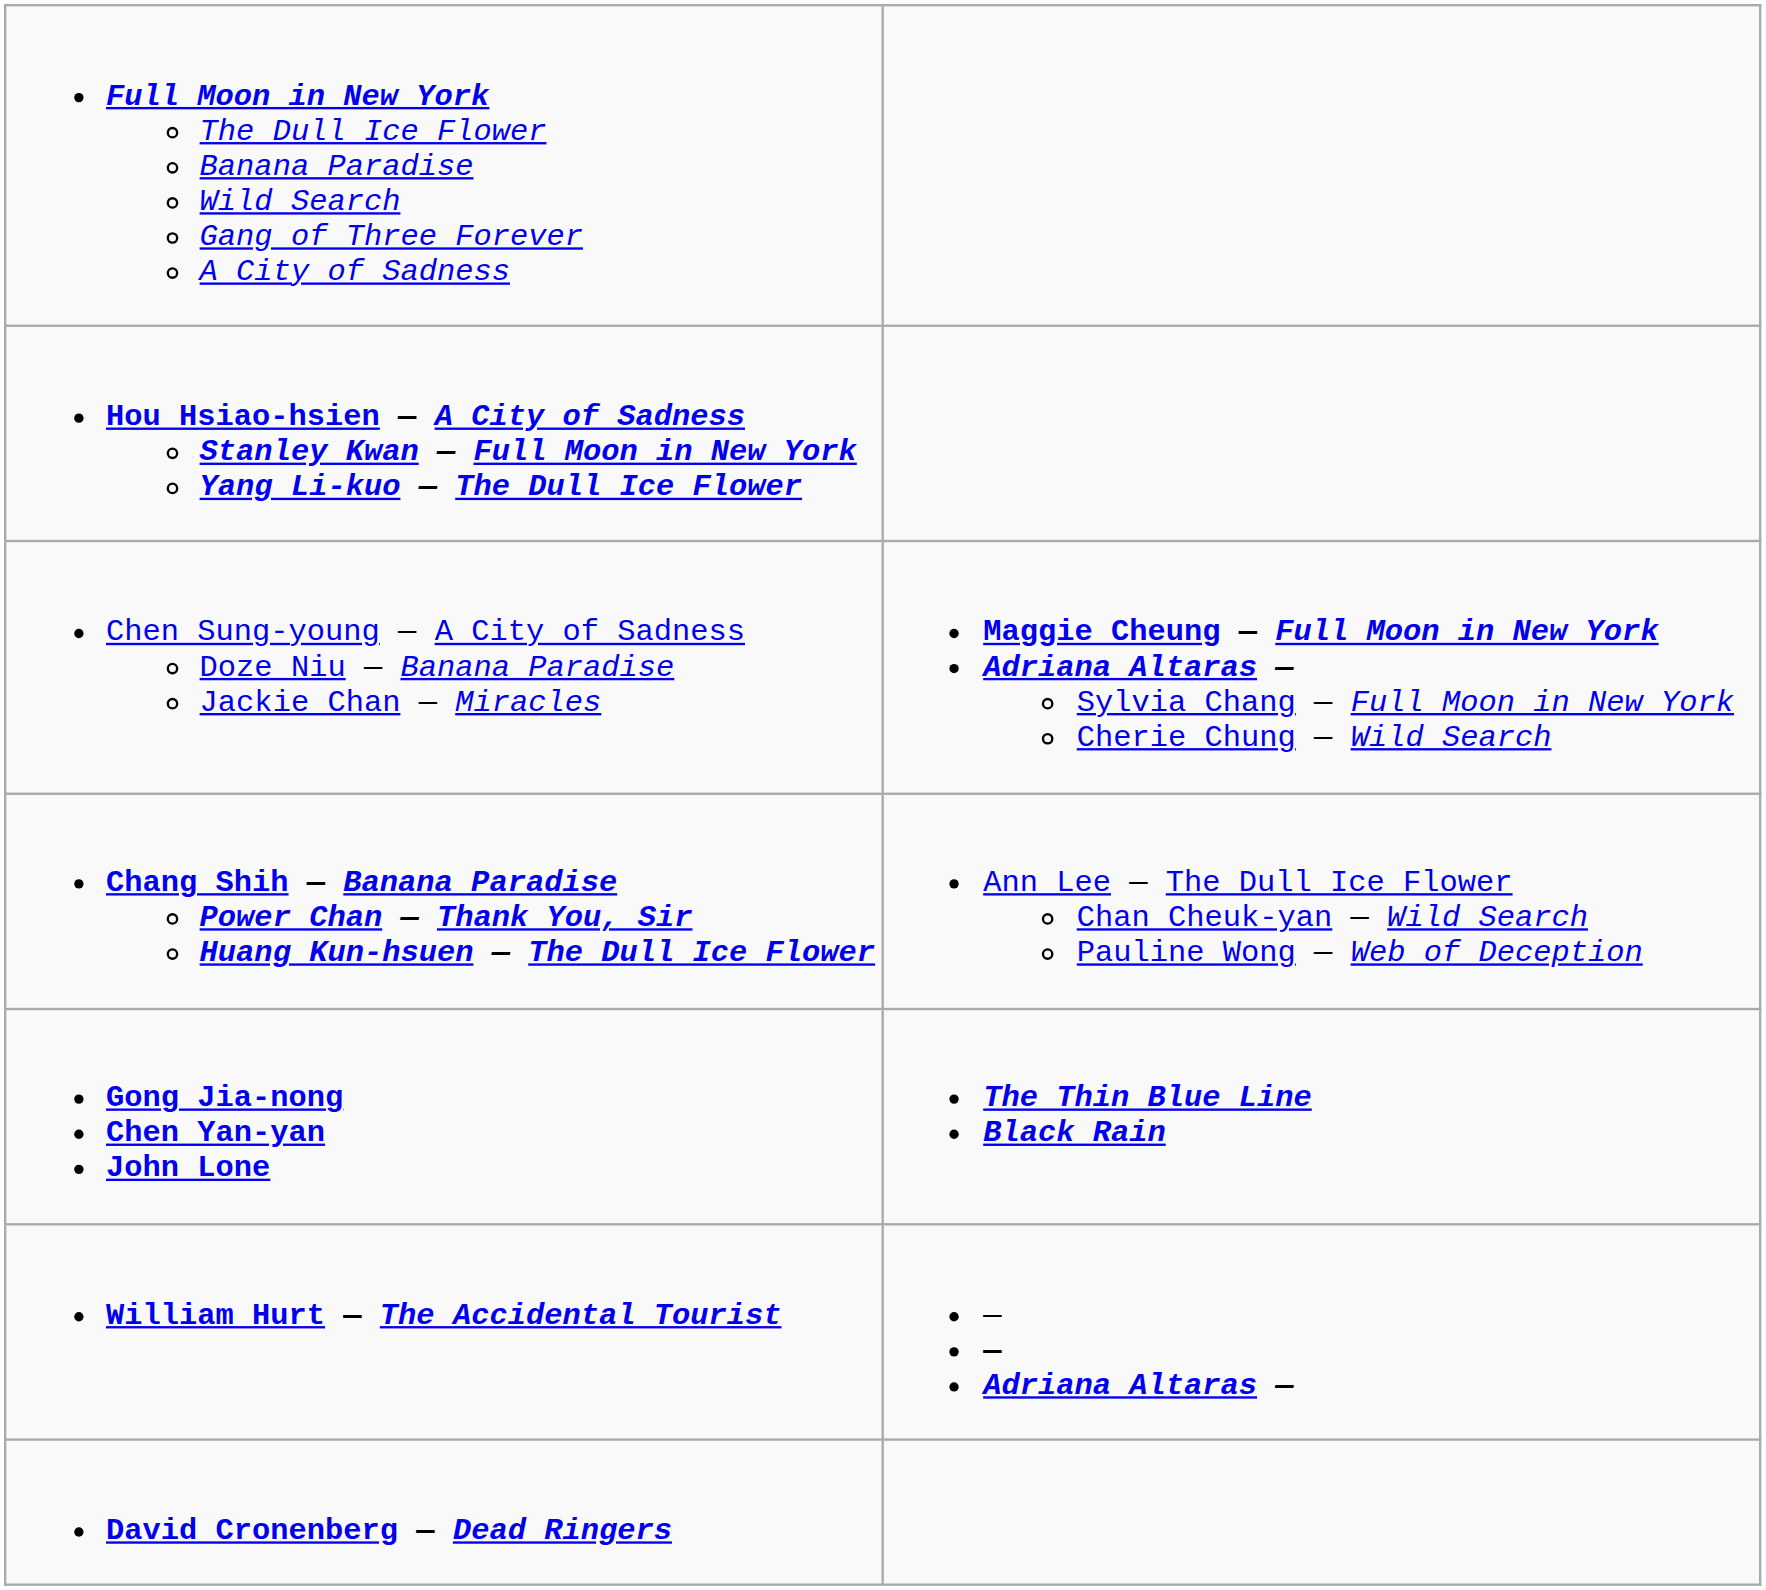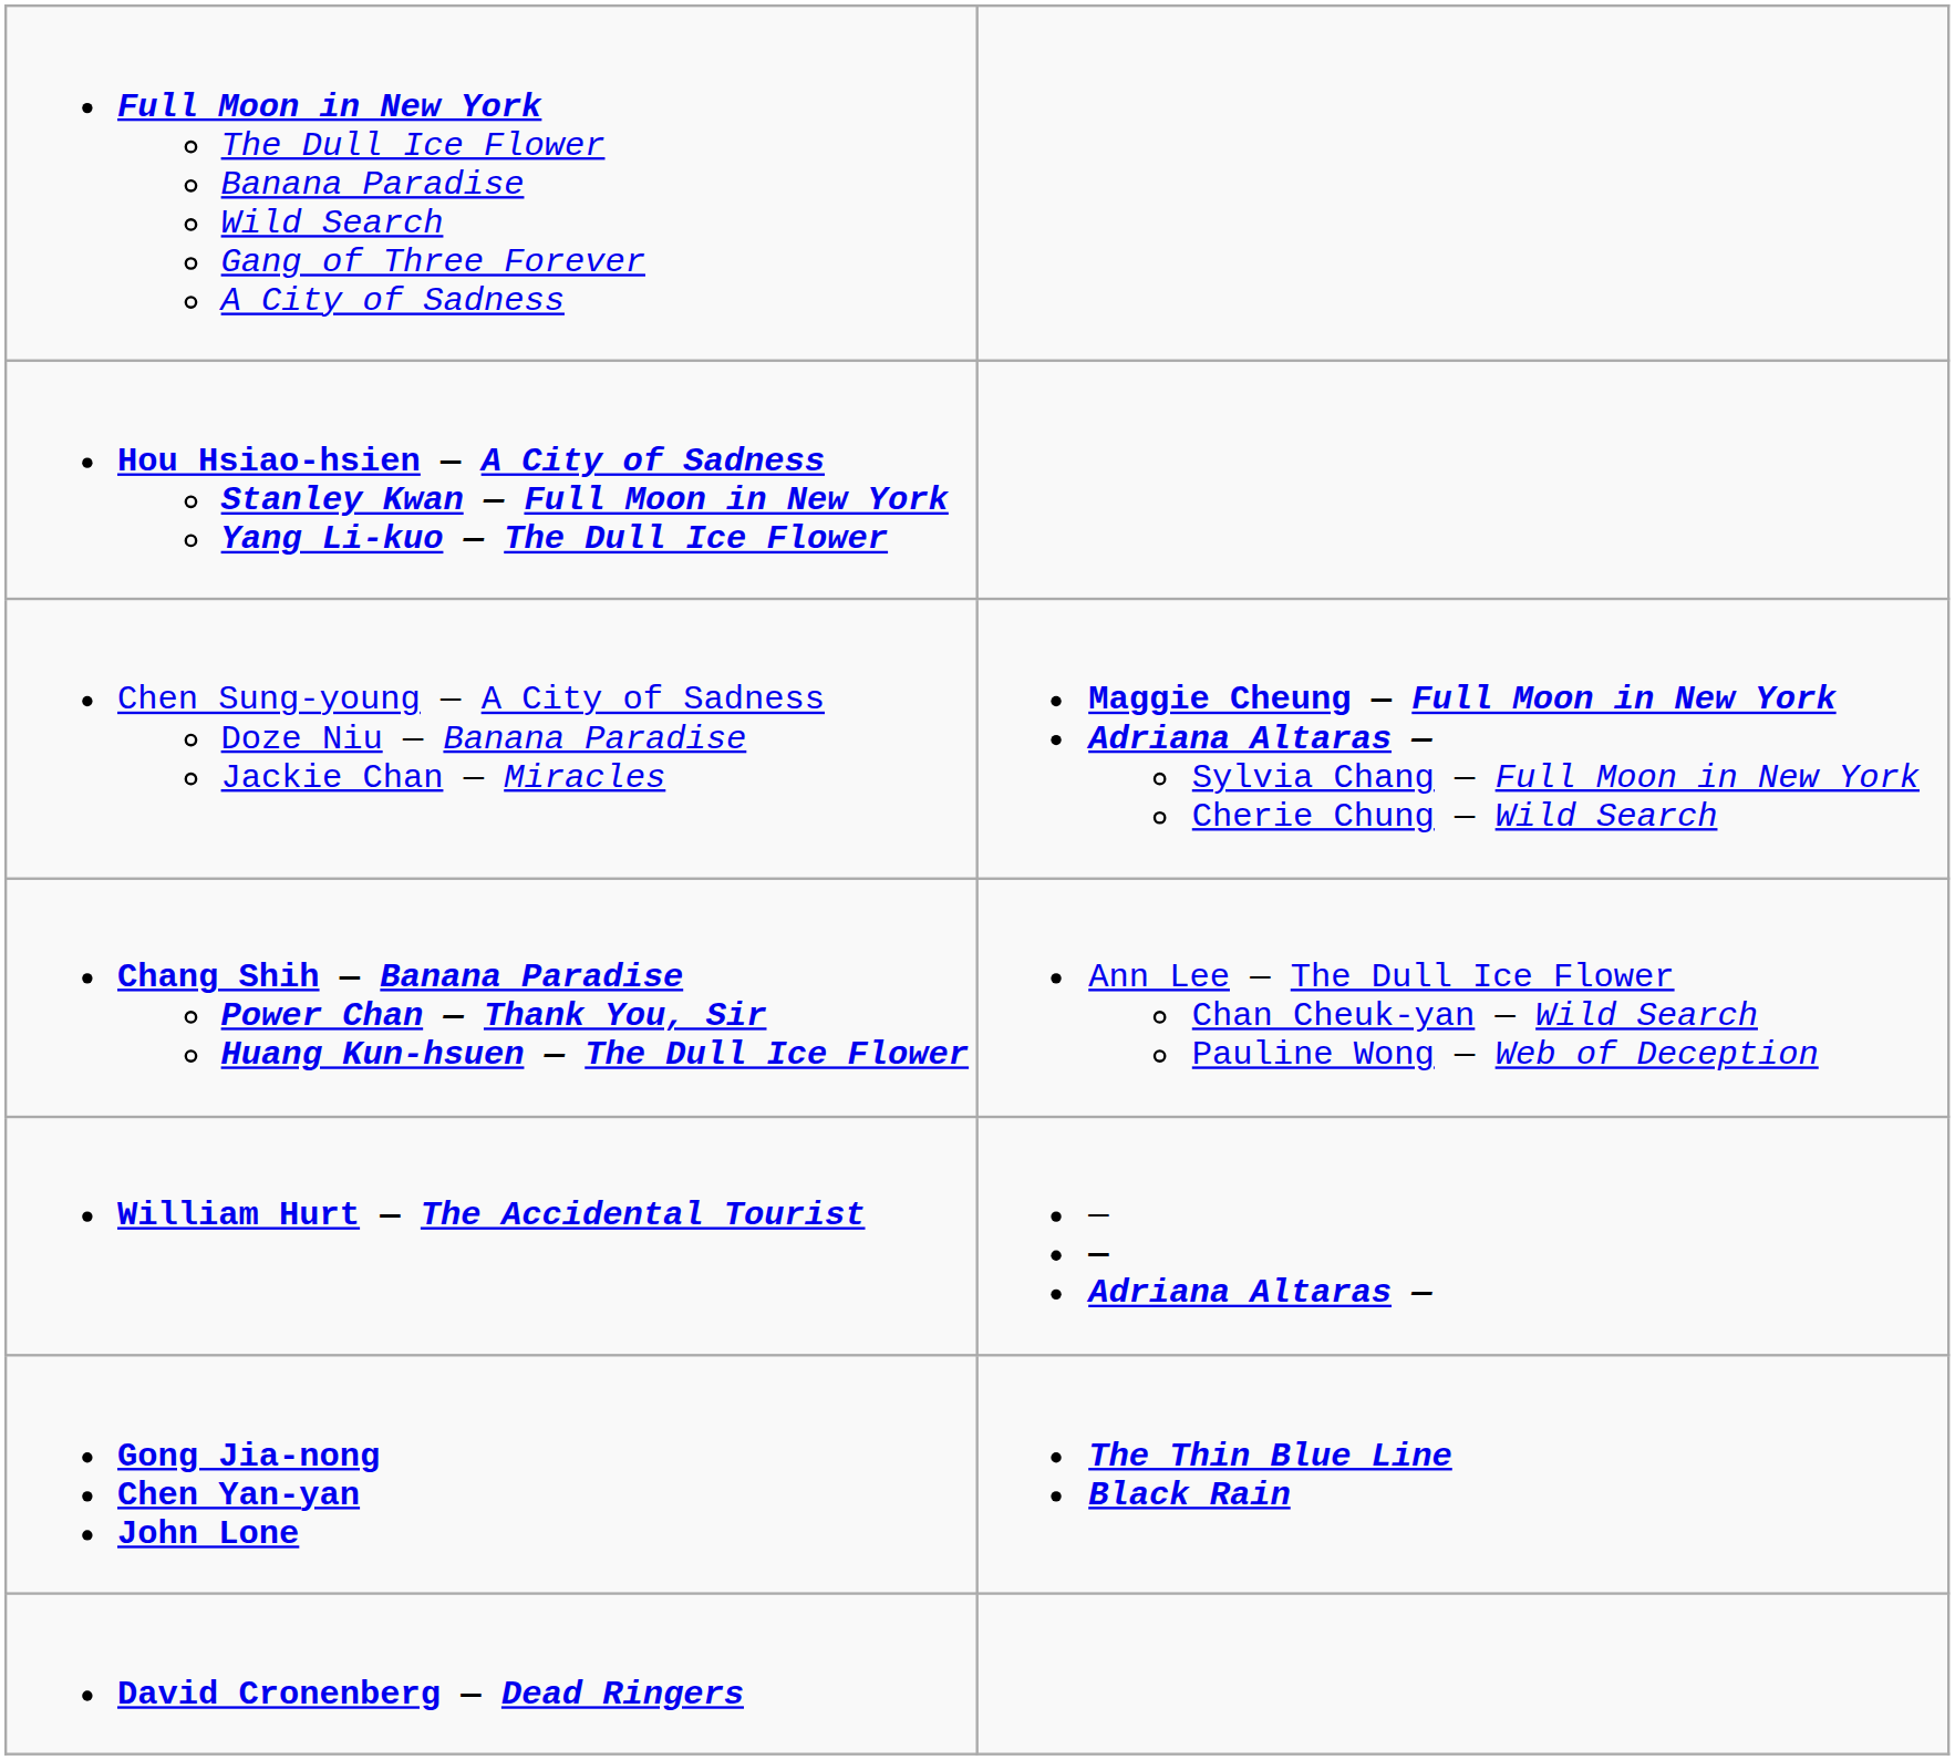 <table class=wikitable>
 <tr>
 <td valign="top" width="50%"><br><ul><li><strong><em><a href='#'>Full Moon in New York</a></em></strong><ul><li><em><a href='#'>The Dull Ice Flower</a></em></li><li><em><a href='#'>Banana Paradise</a></em></li><li><em><a href='#'>Wild Search</a></em></li><li><em><a href='#'>Gang of Three Forever</a></em></li><li><em><a href='#'>A City of Sadness</a></em></li></ul></li></ul></td>
 <td valign="top" width="50%"><br> </td>
 </tr>
 <tr>
 <td valign="top" width="50%"><br><ul><li><strong><a href='#'>Hou Hsiao-hsien</a> — <em><a href='#'>A City of Sadness</a><strong><em><ul><li><a href='#'>Stanley Kwan</a>  — </em><a href='#'>Full Moon in New York</a><em></li><li><a href='#'>Yang Li-kuo</a> — </em><a href='#'>The Dull Ice Flower</a><em></li></ul></li></ul></td>
 <td valign="top" width="50%"><br> </td>
 </tr>
 <tr>
 <td valign="top" width="50%"><br><ul><li></strong><a href='#'>Chen Sung-young</a> — </em><a href='#'>A City of Sadness</a></em></strong><ul><li><a href='#'>Doze Niu</a> — <em><a href='#'>Banana Paradise</a></em></li><li><a href='#'>Jackie Chan</a> — <em><a href='#'>Miracles</a></em></li></ul></li></ul></td>
 <td valign="top" width="50%"><br><ul><li><strong><a href='#'>Maggie Cheung</a> — <em><a href='#'>Full Moon in New York</a><strong><em></li><li></strong><a href='#'>Adriana Altaras</a> — </em></em></strong><ul><li><a href='#'>Sylvia Chang</a> — <em><a href='#'>Full Moon in New York</a></em></li><li><a href='#'>Cherie Chung</a> — <em><a href='#'>Wild Search</a></em></li></ul></li></ul></td>
 </tr>
 <tr>
 <td valign="top" width="50%"><br><ul><li><strong><a href='#'>Chang Shih</a> — <em><a href='#'>Banana Paradise</a><strong><em><ul><li><a href='#'>Power Chan</a> — </em><a href='#'>Thank You, Sir</a><em></li><li><a href='#'>Huang Kun-hsuen</a> — </em><a href='#'>The Dull Ice Flower</a><em></li></ul></li></ul></td>
 <td valign="top" width="50%"><br><ul><li></strong><a href='#'>Ann Lee</a> — </em><a href='#'>The Dull Ice Flower</a></em></strong><ul><li><a href='#'>Chan Cheuk-yan</a> — <em><a href='#'>Wild Search</a></em></li><li><a href='#'>Pauline Wong</a> — <em><a href='#'>Web of Deception</a></em></li></ul></li></ul></td>
 </tr>
 <tr>
+<td valign="top" width="50%"><br><ul><li><strong><a href='#'>William Hurt</a> — <em><a href='#'>The Accidental Tourist</a><strong><em></li></ul></td>
+<td valign="top" width="50%"><br><ul><li></strong> — </em></em></strong></li><li><strong> — <em><strong><em></li><li></strong><a href='#'>Adriana Altaras</a> — </em></em></strong></li></ul></td>
+</tr>
+<tr>
 <td valign="top" width="50%"><br><ul><li><strong><a href='#'>Gong Jia-nong</a></strong></li><li><strong><a href='#'>Chen Yan-yan</a></strong></li><li><strong><a href='#'>John Lone</a></strong></li></ul></td>
 <td valign="top" width="50%"><br><ul><li><strong><em><a href='#'>The Thin Blue Line</a></em></strong></li><li><strong><em><a href='#'>Black Rain</a></em></strong></li></ul></td>
-</tr>
-<tr>
-<td valign="top" width="50%"><br><ul><li><strong><a href='#'>William Hurt</a> — <em><a href='#'>The Accidental Tourist</a><strong><em></li></ul></td>
-<td valign="top" width="50%"><br><ul><li></strong> — </em></em></strong></li><li><strong> — <em><strong><em></li><li></strong><a href='#'>Adriana Altaras</a> — </em></em></strong></li></ul></td>
 </tr>
 <tr>
 <td valign="top" width="50%"><br><ul><li><strong><a href='#'>David Cronenberg</a> — <em><a href='#'>Dead Ringers</a><strong><em></li></ul></td>
 </tr>
 </table>
